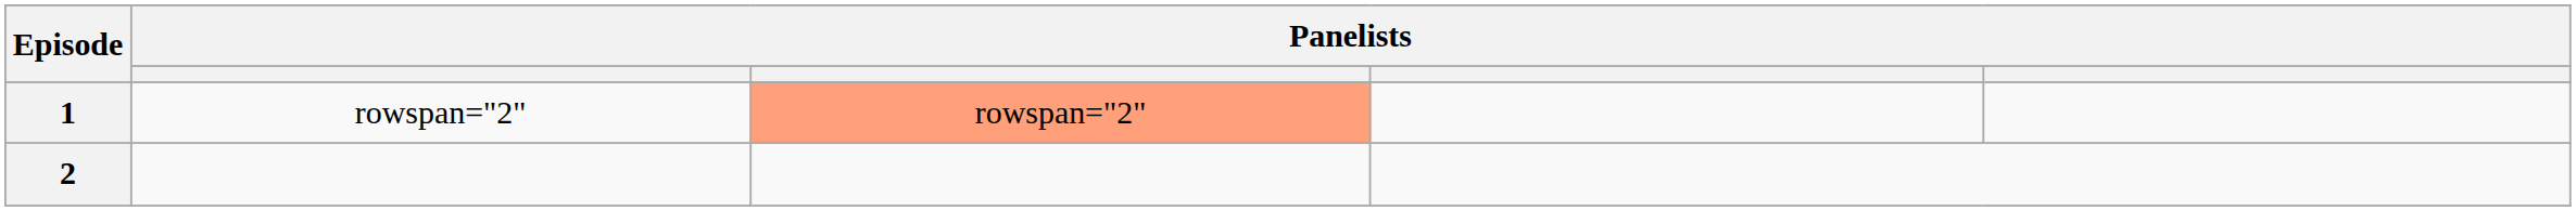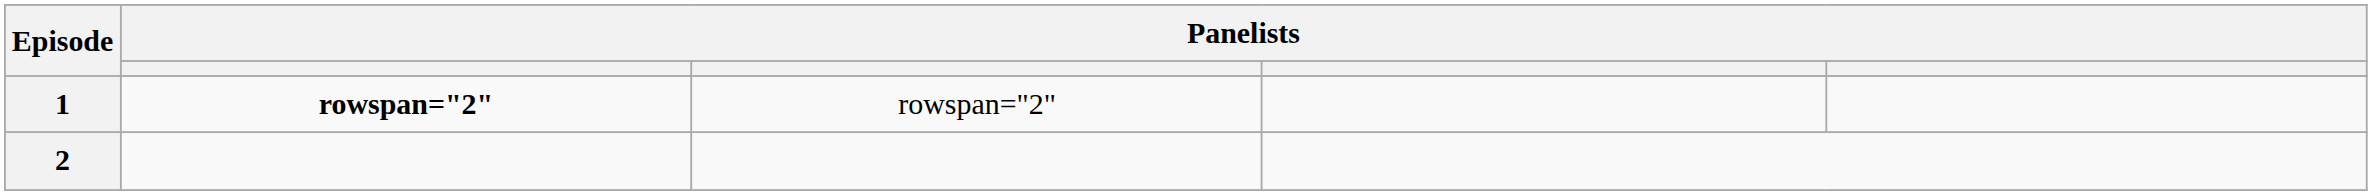 <table class="wikitable plainrowheaders mw-collapsible" style="text-align:center; line-height:23px; width:100%;">
 <tr>
 <th rowspan="2" width="1%">Episode</th>
 <th colspan="4">Panelists</th>
 </tr>
 <tr>
 <th width="25%"></th>
 <th width="25%"></th>
 <th width="25%"></th>
 <th width="25%"></th>
 </tr>
 <tr>
 <th>1</th>
+<td><strong>rowspan="2" </strong></td>
 <td>rowspan="2" </td>
-<td style="background: lightsalmon;">rowspan="2" </td>
 <td></td>
 <td></td>
 </tr>
 <tr>
 <th>2</th>
 <td></td>
 <td></td>
 </tr>
 </table>
